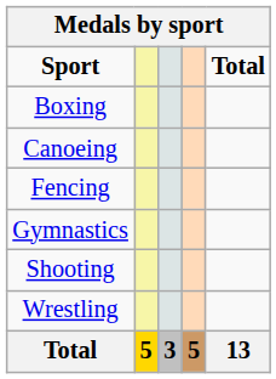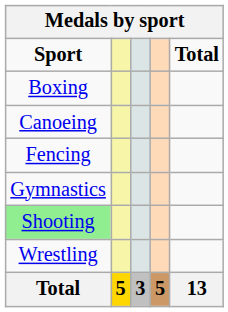 <table class="wikitable" style="font-size:85%; float: right;">
 <tr style="background:#efefef;">
 <th colspan=5><strong>Medals by sport</strong></th>
 </tr>
 <tr align=center>
 <td><strong>Sport</strong></td>
 <td bgcolor=#f7f6a8></td>
 <td bgcolor=#dce5e5></td>
 <td bgcolor=#ffdab9></td>
 <td><strong>Total</strong></td>
 </tr>
 <tr align=center>
 <td><a href='#'>Boxing</a></td>
 <td style="background:#F7F6A8;"></td>
 <td style="background:#DCE5E5;"></td>
 <td style="background:#FFDAB9;"></td>
 <td></td>
 </tr>
 <tr align=center>
 <td><a href='#'>Canoeing</a></td>
 <td style="background:#F7F6A8;"></td>
 <td style="background:#DCE5E5;"></td>
 <td style="background:#FFDAB9;"></td>
 <td></td>
 </tr>
 <tr align=center>
 <td><a href='#'>Fencing</a></td>
 <td style="background:#F7F6A8;"></td>
 <td style="background:#DCE5E5;"></td>
 <td style="background:#FFDAB9;"></td>
 <td></td>
 </tr>
 <tr align=center>
 <td><a href='#'>Gymnastics</a></td>
 <td style="background:#F7F6A8;"></td>
 <td style="background:#DCE5E5;"></td>
 <td style="background:#FFDAB9;"></td>
 <td></td>
 </tr>
 <tr align=center>
-<td><a href='#'>Shooting</a></td>
+<td style="background: lightgreen;"><a href='#'>Shooting</a></td>
 <td style="background:#F7F6A8;"></td>
 <td style="background:#DCE5E5;"></td>
 <td style="background:#FFDAB9;"></td>
 <td></td>
 </tr>
 <tr align=center>
 <td><a href='#'>Wrestling</a></td>
 <td style="background:#F7F6A8;"></td>
 <td style="background:#DCE5E5;"></td>
 <td style="background:#FFDAB9;"></td>
 <td></td>
 </tr>
 <tr align=center>
 <th><strong>Total</strong></th>
 <th style="background:gold;"><strong>5</strong></th>
 <th style="background:silver;"><strong>3</strong></th>
 <th style="background:#c96;"><strong>5</strong></th>
 <th><strong>13</strong></th>
 </tr>
 </table>
